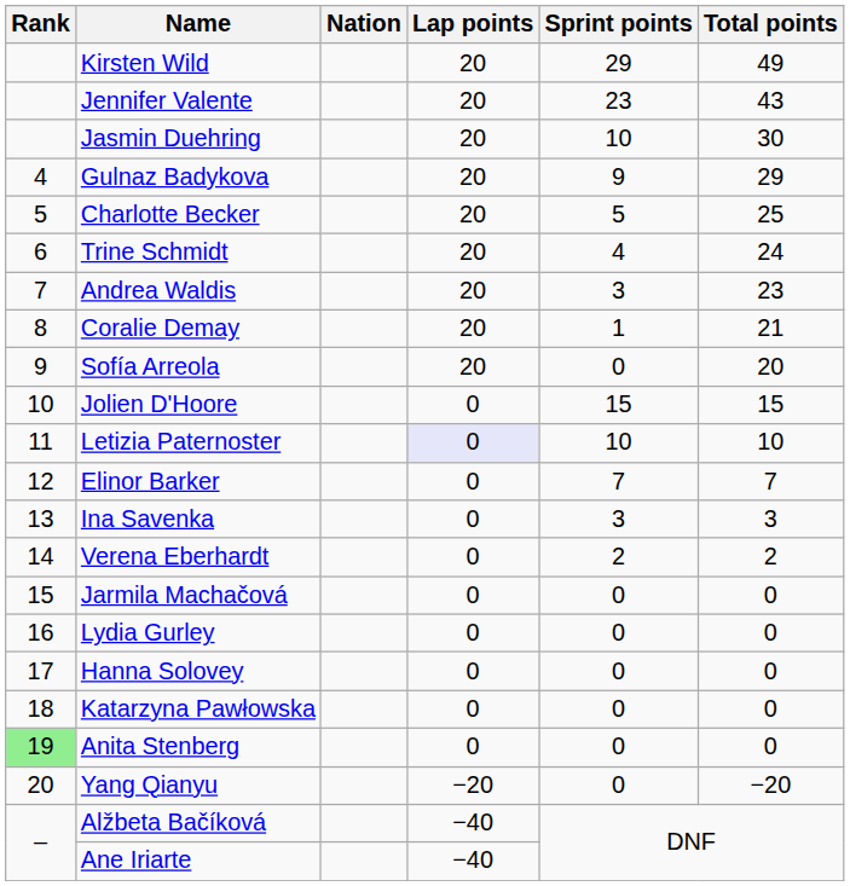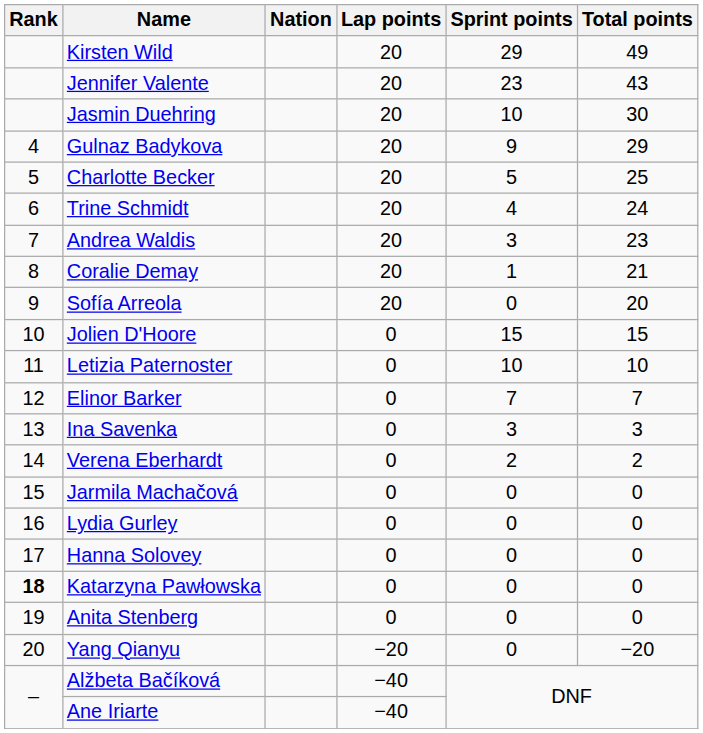 <table class="wikitable sortable" style="text-align:center">
 <tr>
 <th>Rank</th>
 <th>Name</th>
 <th>Nation</th>
 <th>Lap points</th>
 <th>Sprint points</th>
 <th>Total points</th>
 </tr>
 <tr>
 <td></td>
 <td align=left><a href='#'>Kirsten Wild</a></td>
 <td align=left></td>
 <td>20</td>
 <td>29</td>
 <td>49</td>
 </tr>
 <tr>
 <td></td>
 <td align=left><a href='#'>Jennifer Valente</a></td>
 <td align=left></td>
 <td>20</td>
 <td>23</td>
 <td>43</td>
 </tr>
 <tr>
 <td></td>
 <td align=left><a href='#'>Jasmin Duehring</a></td>
 <td align=left></td>
 <td>20</td>
 <td>10</td>
 <td>30</td>
 </tr>
 <tr>
 <td>4</td>
 <td align=left><a href='#'>Gulnaz Badykova</a></td>
 <td align=left></td>
 <td>20</td>
 <td>9</td>
 <td>29</td>
 </tr>
 <tr>
 <td>5</td>
 <td align=left><a href='#'>Charlotte Becker</a></td>
 <td align=left></td>
 <td>20</td>
 <td>5</td>
 <td>25</td>
 </tr>
 <tr>
 <td>6</td>
 <td align=left><a href='#'>Trine Schmidt</a></td>
 <td align=left></td>
 <td>20</td>
 <td>4</td>
 <td>24</td>
 </tr>
 <tr>
 <td>7</td>
 <td align=left><a href='#'>Andrea Waldis</a></td>
 <td align=left></td>
 <td>20</td>
 <td>3</td>
 <td>23</td>
 </tr>
 <tr>
 <td>8</td>
 <td align=left><a href='#'>Coralie Demay</a></td>
 <td align=left></td>
 <td>20</td>
 <td>1</td>
 <td>21</td>
 </tr>
 <tr>
 <td>9</td>
 <td align=left><a href='#'>Sofía Arreola</a></td>
 <td align=left></td>
 <td>20</td>
 <td>0</td>
 <td>20</td>
 </tr>
 <tr>
 <td>10</td>
 <td align=left><a href='#'>Jolien D'Hoore</a></td>
 <td align=left></td>
 <td>0</td>
 <td>15</td>
 <td>15</td>
 </tr>
 <tr>
 <td>11</td>
 <td align=left><a href='#'>Letizia Paternoster</a></td>
 <td align=left></td>
-<td style="background: lavender;">0</td>
+<td>0</td>
 <td>10</td>
 <td>10</td>
 </tr>
 <tr>
 <td>12</td>
 <td align=left><a href='#'>Elinor Barker</a></td>
 <td align=left></td>
 <td>0</td>
 <td>7</td>
 <td>7</td>
 </tr>
 <tr>
 <td>13</td>
 <td align=left><a href='#'>Ina Savenka</a></td>
 <td align=left></td>
 <td>0</td>
 <td>3</td>
 <td>3</td>
 </tr>
 <tr>
 <td>14</td>
 <td align=left><a href='#'>Verena Eberhardt</a></td>
 <td align=left></td>
 <td>0</td>
 <td>2</td>
 <td>2</td>
 </tr>
 <tr>
 <td>15</td>
 <td align=left><a href='#'>Jarmila Machačová</a></td>
 <td align=left></td>
 <td>0</td>
 <td>0</td>
 <td>0</td>
 </tr>
 <tr>
 <td>16</td>
 <td align=left><a href='#'>Lydia Gurley</a></td>
 <td align=left></td>
 <td>0</td>
 <td>0</td>
 <td>0</td>
 </tr>
 <tr>
 <td>17</td>
 <td align=left><a href='#'>Hanna Solovey</a></td>
 <td align=left></td>
 <td>0</td>
 <td>0</td>
 <td>0</td>
 </tr>
 <tr>
-<td>18</td>
+<td><strong>18</strong></td>
 <td align=left><a href='#'>Katarzyna Pawłowska</a></td>
 <td align=left></td>
 <td>0</td>
 <td>0</td>
 <td>0</td>
 </tr>
 <tr>
-<td style="background: lightgreen;">19</td>
+<td>19</td>
 <td align=left><a href='#'>Anita Stenberg</a></td>
 <td align=left></td>
 <td>0</td>
 <td>0</td>
 <td>0</td>
 </tr>
 <tr>
 <td>20</td>
 <td align=left><a href='#'>Yang Qianyu</a></td>
 <td align=left></td>
 <td>−20</td>
 <td>0</td>
 <td>−20</td>
 </tr>
 <tr>
 <td rowspan=2>–</td>
 <td align=left><a href='#'>Alžbeta Bačíková</a></td>
 <td align=left></td>
 <td>−40</td>
 <td colspan=2 rowspan=2>DNF</td>
 </tr>
 <tr>
 <td align=left><a href='#'>Ane Iriarte</a></td>
 <td align=left></td>
 <td>−40</td>
 </tr>
 </table>
